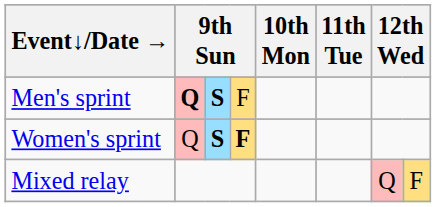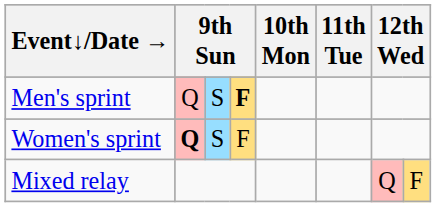 <table class="wikitable" style="margin:0.5em auto; font-size:90%; line-height:1.25em; text-align:center;">
 <tr>
 <th>Event↓/Date →</th>
 <th colspan=3>9th<br>Sun</th>
 <th>10th<br>Mon</th>
 <th>11th<br>Tue</th>
 <th colspan=2>12th<br>Wed</th>
 </tr>
 <tr>
 <td align="left"><a href='#'>Men's sprint</a></td>
-<td bgcolor="#FFBBBB"><strong>Q</strong></td>
-<td bgcolor="#97DEFF"><strong>S</strong></td>
-<td bgcolor="#FFDF80">F</td>
+<td bgcolor="#FFBBBB">Q</td>
+<td bgcolor="#97DEFF">S</td>
+<td bgcolor="#FFDF80"><strong>F</strong></td>
 <td></td>
 <td></td>
 <td colspan=2></td>
 </tr>
 <tr>
 <td align="left"><a href='#'>Women's sprint</a></td>
-<td bgcolor="#FFBBBB">Q</td>
-<td bgcolor="#97DEFF"><strong>S</strong></td>
-<td bgcolor="#FFDF80"><strong>F</strong></td>
+<td bgcolor="#FFBBBB"><strong>Q</strong></td>
+<td bgcolor="#97DEFF">S</td>
+<td bgcolor="#FFDF80">F</td>
 <td></td>
 <td></td>
 <td colspan=2></td>
 </tr>
 <tr>
 <td align="left"><a href='#'>Mixed relay</a></td>
 <td colspan=3></td>
 <td></td>
 <td></td>
 <td bgcolor="#FFBBBB">Q</td>
 <td bgcolor="#FFDF80">F</td>
 </tr>
 </table>
